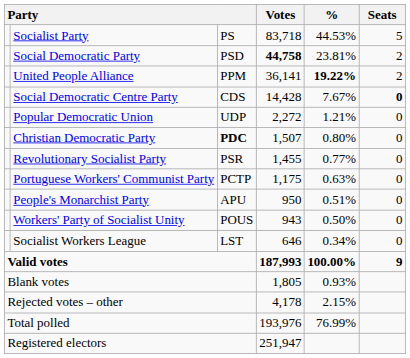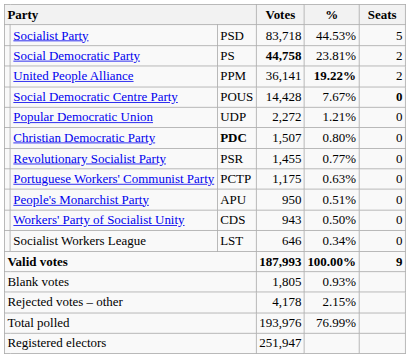 <table class="wikitable" border="1" style="text-align:right;">
 <tr>
 <th style="text-align:left;" colspan=3>Party</th>
 <th align=center width="50">Votes</th>
 <th align=center width="50">%</th>
 <th align=center width="50">Seats</th>
 </tr>
 <tr>
 <td></td>
 <td align=left><a href='#'>Socialist Party</a></td>
-<td align=left>PS</td>
+<td align=left>PSD</td>
 <td>83,718</td>
 <td>44.53%</td>
 <td>5</td>
 </tr>
 <tr>
 <td></td>
 <td align=left><a href='#'>Social Democratic Party</a></td>
-<td align=left>PSD</td>
+<td align=left>PS</td>
 <td><strong>44,758</strong></td>
 <td>23.81%</td>
 <td>2</td>
 </tr>
 <tr>
 <td></td>
 <td align=left><a href='#'>United People Alliance</a></td>
 <td align=left>PPM</td>
 <td>36,141</td>
 <td><strong>19.22%</strong></td>
 <td>2</td>
 </tr>
 <tr>
 <td></td>
 <td align=left style="white-space: nowrap;"><a href='#'>Social Democratic Centre Party</a></td>
-<td align=left>CDS</td>
+<td align=left>POUS</td>
 <td>14,428</td>
 <td>7.67%</td>
 <td><strong>0</strong></td>
 </tr>
 <tr>
 <td></td>
 <td align=left><a href='#'>Popular Democratic Union</a></td>
 <td align=left>UDP</td>
 <td>2,272</td>
 <td>1.21%</td>
 <td>0</td>
 </tr>
 <tr>
 <td></td>
 <td align=left style="white-space: nowrap;"><a href='#'>Christian Democratic Party</a></td>
 <td align=left><strong>PDC</strong></td>
 <td>1,507</td>
 <td>0.80%</td>
 <td>0</td>
 </tr>
 <tr>
 <td></td>
 <td align=left><a href='#'>Revolutionary Socialist Party</a></td>
 <td align=left>PSR</td>
 <td>1,455</td>
 <td>0.77%</td>
 <td>0</td>
 </tr>
 <tr>
 <td></td>
 <td align=left><a href='#'>Portuguese Workers' Communist Party</a></td>
 <td align=left>PCTP</td>
 <td>1,175</td>
 <td>0.63%</td>
 <td>0</td>
 </tr>
 <tr>
 <td></td>
 <td align=left><a href='#'>People's Monarchist Party</a></td>
 <td align=left>APU</td>
 <td>950</td>
 <td>0.51%</td>
 <td>0</td>
 </tr>
 <tr>
 <td></td>
 <td align=left><a href='#'>Workers' Party of Socialist Unity</a></td>
-<td align=left>POUS</td>
+<td align=left>CDS</td>
 <td>943</td>
 <td>0.50%</td>
 <td>0</td>
 </tr>
 <tr>
 <td></td>
 <td align=left>Socialist Workers League</td>
 <td align=left>LST</td>
 <td>646</td>
 <td>0.34%</td>
 <td>0</td>
 </tr>
 <tr style="font-weight:bold">
 <td align=left colspan=3>Valid votes</td>
 <td>187,993</td>
 <td>100.00%</td>
 <td>9</td>
 </tr>
 <tr>
 <td align=left colspan=3>Blank votes</td>
 <td>1,805</td>
 <td>0.93%</td>
 <td></td>
 </tr>
 <tr>
 <td align=left colspan=3>Rejected votes – other</td>
 <td>4,178</td>
 <td>2.15%</td>
 <td></td>
 </tr>
 <tr>
 <td align=left colspan=3>Total polled</td>
 <td>193,976</td>
 <td>76.99%</td>
 <td></td>
 </tr>
 <tr>
 <td align=left colspan=3>Registered electors</td>
 <td>251,947</td>
 <td></td>
 <td></td>
 </tr>
 </table>
